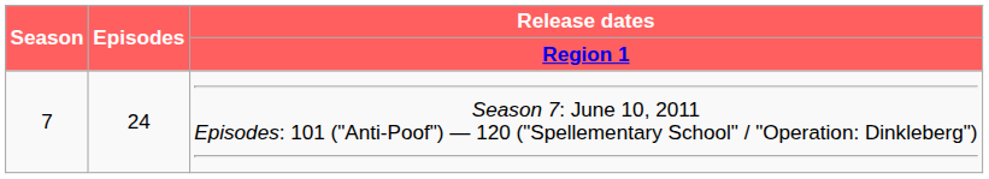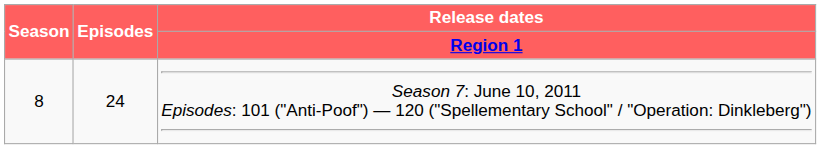 <table class="wikitable" style="text-align: center;">
 <tr>
 <th rowspan=2 style="background:#FF5F5F;color:#ffffff">Season</th>
 <th rowspan=2 style="background:#FF5F5F;color:#ffffff">Episodes</th>
 <th style="background:#FF5F5F;color:#ffffff">Release dates</th>
 </tr>
 <tr>
 <th style="background:#FF5F5F;color:#ffffff"><a href='#'>Region 1</a></th>
 </tr>
 <tr>
-<td>7</td>
+<td>8</td>
 <td>24</td>
 <td><hr><em>Season 7</em>: June 10, 2011<br><em>Episodes</em>: 101 ("Anti-Poof") — 120 ("Spellementary School" / "Operation: Dinkleberg")<hr></td>
 </tr>
 </table>
